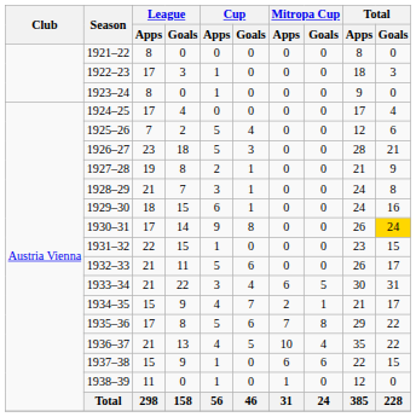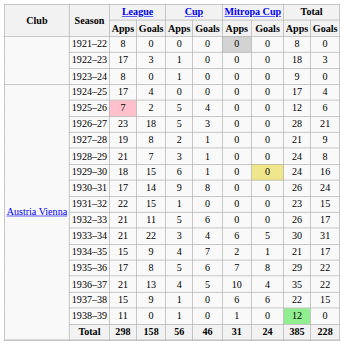 <table class="wikitable" style="text-align:center">
 <tr>
 <th rowspan="2">Club</th>
 <th rowspan="2">Season</th>
 <th colspan="2"><a href='#'>League</a></th>
 <th colspan="2"><a href='#'>Cup</a></th>
 <th colspan="2"><a href='#'>Mitropa Cup</a></th>
 <th colspan="2">Total</th>
 </tr>
 <tr>
 <th>Apps</th>
 <th>Goals</th>
 <th>Apps</th>
 <th>Goals</th>
 <th>Apps</th>
 <th>Goals</th>
 <th>Apps</th>
 <th>Goals</th>
 </tr>
 <tr>
 <td rowspan="3"></td>
 <td>1921–22</td>
 <td>8</td>
 <td>0</td>
 <td>0</td>
 <td>0</td>
-<td>0</td>
+<td style="background: lightgrey;">0</td>
 <td>0</td>
 <td>8</td>
 <td>0</td>
 </tr>
 <tr>
 <td>1922–23</td>
 <td>17</td>
 <td>3</td>
 <td>1</td>
 <td>0</td>
 <td>0</td>
 <td>0</td>
 <td>18</td>
 <td>3</td>
 </tr>
 <tr>
 <td>1923–24</td>
 <td>8</td>
 <td>0</td>
 <td>1</td>
 <td>0</td>
 <td>0</td>
 <td>0</td>
 <td>9</td>
 <td>0</td>
 </tr>
 <tr>
 <td rowspan=16><a href='#'>Austria Vienna</a></td>
 <td>1924–25</td>
 <td>17</td>
 <td>4</td>
 <td>0</td>
 <td>0</td>
 <td>0</td>
 <td>0</td>
 <td>17</td>
 <td>4</td>
 </tr>
 <tr>
 <td>1925–26</td>
-<td>7</td>
+<td style="background: pink;">7</td>
 <td>2</td>
 <td>5</td>
 <td>4</td>
 <td>0</td>
 <td>0</td>
 <td>12</td>
 <td>6</td>
 </tr>
 <tr>
 <td>1926–27</td>
 <td>23</td>
 <td>18</td>
 <td>5</td>
 <td>3</td>
 <td>0</td>
 <td>0</td>
 <td>28</td>
 <td>21</td>
 </tr>
 <tr>
 <td>1927–28</td>
 <td>19</td>
 <td>8</td>
 <td>2</td>
 <td>1</td>
 <td>0</td>
 <td>0</td>
 <td>21</td>
 <td>9</td>
 </tr>
 <tr>
 <td>1928–29</td>
 <td>21</td>
 <td>7</td>
 <td>3</td>
 <td>1</td>
 <td>0</td>
 <td>0</td>
 <td>24</td>
 <td>8</td>
 </tr>
 <tr>
 <td>1929–30</td>
 <td>18</td>
 <td>15</td>
 <td>6</td>
 <td>1</td>
 <td>0</td>
-<td>0</td>
+<td style="background: khaki;">0</td>
 <td>24</td>
 <td>16</td>
 </tr>
 <tr>
 <td>1930–31</td>
 <td>17</td>
 <td>14</td>
 <td>9</td>
 <td>8</td>
 <td>0</td>
 <td>0</td>
 <td>26</td>
-<td style="background: gold;">24</td>
+<td>24</td>
 </tr>
 <tr>
 <td>1931–32</td>
 <td>22</td>
 <td>15</td>
 <td>1</td>
 <td>0</td>
 <td>0</td>
 <td>0</td>
 <td>23</td>
 <td>15</td>
 </tr>
 <tr>
 <td>1932–33</td>
 <td>21</td>
 <td>11</td>
 <td>5</td>
 <td>6</td>
 <td>0</td>
 <td>0</td>
 <td>26</td>
 <td>17</td>
 </tr>
 <tr>
 <td>1933–34</td>
 <td>21</td>
 <td>22</td>
 <td>3</td>
 <td>4</td>
 <td>6</td>
 <td>5</td>
 <td>30</td>
 <td>31</td>
 </tr>
 <tr>
 <td>1934–35</td>
 <td>15</td>
 <td>9</td>
 <td>4</td>
 <td>7</td>
 <td>2</td>
 <td>1</td>
 <td>21</td>
 <td>17</td>
 </tr>
 <tr>
 <td>1935–36</td>
 <td>17</td>
 <td>8</td>
 <td>5</td>
 <td>6</td>
 <td>7</td>
 <td>8</td>
 <td>29</td>
 <td>22</td>
 </tr>
 <tr>
 <td>1936–37</td>
 <td>21</td>
 <td>13</td>
 <td>4</td>
 <td>5</td>
 <td>10</td>
 <td>4</td>
 <td>35</td>
 <td>22</td>
 </tr>
 <tr>
 <td>1937–38</td>
 <td>15</td>
 <td>9</td>
 <td>1</td>
 <td>0</td>
 <td>6</td>
 <td>6</td>
 <td>22</td>
 <td>15</td>
 </tr>
 <tr>
 <td>1938–39</td>
 <td>11</td>
 <td>0</td>
 <td>1</td>
 <td>0</td>
 <td>1</td>
 <td>0</td>
-<td>12</td>
+<td style="background: lightgreen;">12</td>
 <td>0</td>
 </tr>
 <tr>
 <th>Total</th>
 <th>298</th>
 <th>158</th>
 <th>56</th>
 <th>46</th>
 <th>31</th>
 <th>24</th>
 <th>385</th>
 <th>228</th>
 </tr>
 <tr>
 </tr>
 </table>
